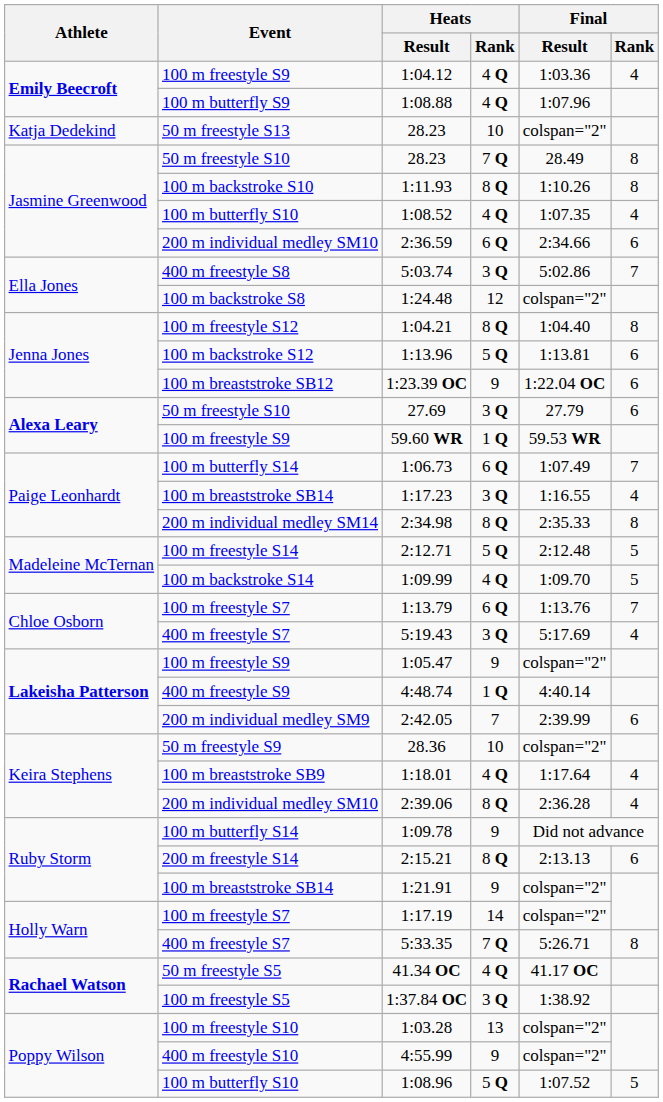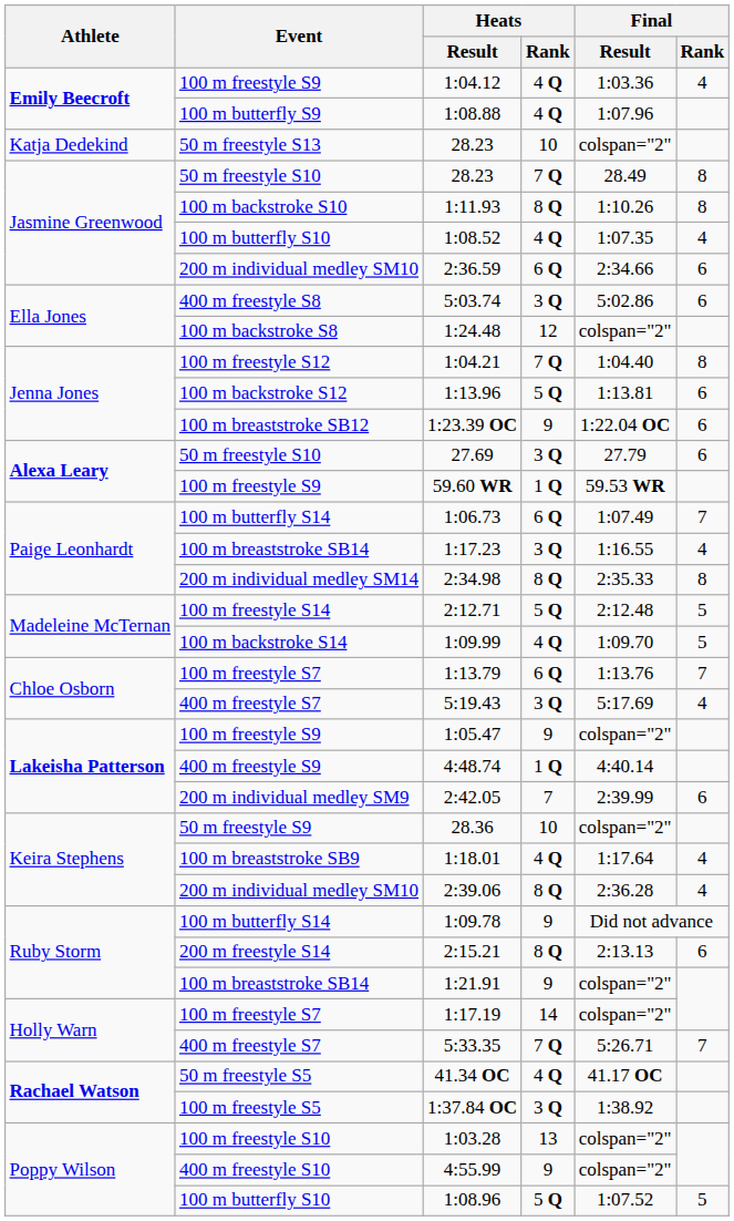 <table class=wikitable style="font-size:90%">
 <tr>
 <th rowspan="2">Athlete</th>
 <th rowspan="2">Event</th>
 <th colspan="2">Heats</th>
 <th colspan="2">Final</th>
 </tr>
 <tr>
 <th>Result</th>
 <th>Rank</th>
 <th>Result</th>
 <th>Rank</th>
 </tr>
 <tr align=center>
 <td align=left rowspan=2><strong><a href='#'>Emily Beecroft</a></strong></td>
 <td align=left><a href='#'>100 m freestyle S9</a></td>
 <td>1:04.12</td>
 <td>4 <strong>Q</strong></td>
 <td>1:03.36</td>
 <td>4</td>
 </tr>
 <tr align=center>
 <td align=left><a href='#'>100 m butterfly S9</a></td>
 <td>1:08.88</td>
 <td>4 <strong>Q</strong></td>
 <td>1:07.96</td>
 <td></td>
 </tr>
 <tr align=center>
 <td align=left><a href='#'>Katja Dedekind</a></td>
 <td align=left><a href='#'>50 m freestyle S13</a></td>
 <td>28.23</td>
 <td>10</td>
 <td>colspan="2" </td>
 </tr>
 <tr align=center>
 <td align=left rowspan=4><a href='#'>Jasmine Greenwood</a></td>
 <td align=left><a href='#'>50 m freestyle S10</a></td>
 <td>28.23</td>
 <td>7 <strong>Q</strong></td>
 <td>28.49</td>
 <td>8</td>
 </tr>
 <tr align=center>
 <td align=left><a href='#'>100 m backstroke S10</a></td>
 <td>1:11.93</td>
 <td>8 <strong>Q</strong></td>
 <td>1:10.26</td>
 <td>8</td>
 </tr>
 <tr align=center>
 <td align=left><a href='#'>100 m butterfly S10</a></td>
 <td>1:08.52</td>
 <td>4 <strong>Q</strong></td>
 <td>1:07.35</td>
 <td>4</td>
 </tr>
 <tr align=center>
 <td align=left><a href='#'>200 m individual medley SM10</a></td>
 <td>2:36.59</td>
 <td>6 <strong>Q</strong></td>
 <td>2:34.66</td>
 <td>6</td>
 </tr>
 <tr align=center>
 <td align=left rowspan=2><a href='#'>Ella Jones</a></td>
 <td align=left><a href='#'>400 m freestyle S8</a></td>
 <td>5:03.74</td>
 <td>3 <strong>Q</strong></td>
 <td>5:02.86</td>
-<td>7</td>
+<td>6</td>
 </tr>
 <tr align=center>
 <td align=left><a href='#'>100 m backstroke S8</a></td>
 <td>1:24.48</td>
 <td>12</td>
 <td>colspan="2" </td>
 </tr>
 <tr align=center>
 <td align=left rowspan=3><a href='#'>Jenna Jones</a></td>
 <td align=left><a href='#'>100 m freestyle S12</a></td>
 <td>1:04.21</td>
-<td>8 <strong>Q</strong></td>
+<td>7 <strong>Q</strong></td>
 <td>1:04.40</td>
 <td>8</td>
 </tr>
 <tr align=center>
 <td align=left><a href='#'>100 m backstroke S12</a></td>
 <td>1:13.96</td>
 <td>5 <strong>Q</strong></td>
 <td>1:13.81</td>
 <td>6</td>
 </tr>
 <tr align=center>
 <td align=left><a href='#'>100 m breaststroke SB12</a></td>
 <td>1:23.39 <strong>OC</strong></td>
 <td>9</td>
 <td>1:22.04 <strong>OC</strong></td>
 <td>6</td>
 </tr>
 <tr align=center>
 <td align=left rowspan=2><strong><a href='#'>Alexa Leary</a></strong></td>
 <td align=left><a href='#'>50 m freestyle S10</a></td>
 <td>27.69</td>
 <td>3 <strong>Q</strong></td>
 <td>27.79</td>
 <td>6</td>
 </tr>
 <tr align=center>
 <td align=left><a href='#'>100 m freestyle S9</a></td>
 <td>59.60 <strong>WR</strong></td>
 <td>1 <strong>Q</strong></td>
 <td>59.53 <strong>WR</strong></td>
 <td></td>
 </tr>
 <tr align=center>
 <td align=left rowspan=3><a href='#'>Paige Leonhardt</a></td>
 <td align=left><a href='#'>100 m butterfly S14</a></td>
 <td>1:06.73</td>
 <td>6 <strong>Q</strong></td>
 <td>1:07.49</td>
 <td>7</td>
 </tr>
 <tr align=center>
 <td align=left><a href='#'>100 m breaststroke SB14</a></td>
 <td>1:17.23</td>
 <td>3 <strong>Q</strong></td>
 <td>1:16.55</td>
 <td>4</td>
 </tr>
 <tr align=center>
 <td align=left><a href='#'>200 m individual medley SM14</a></td>
 <td>2:34.98</td>
 <td>8 <strong>Q</strong></td>
 <td>2:35.33</td>
 <td>8</td>
 </tr>
 <tr align=center>
 <td align=left rowspan=2><a href='#'>Madeleine McTernan</a></td>
 <td align=left><a href='#'>100 m freestyle S14</a></td>
 <td>2:12.71</td>
 <td>5 <strong>Q</strong></td>
 <td>2:12.48</td>
 <td>5</td>
 </tr>
 <tr align=center>
 <td align=left><a href='#'>100 m backstroke S14</a></td>
 <td>1:09.99</td>
 <td>4 <strong>Q</strong></td>
 <td>1:09.70</td>
 <td>5</td>
 </tr>
 <tr align=center>
 <td align=left rowspan=2><a href='#'>Chloe Osborn</a></td>
 <td align=left><a href='#'>100 m freestyle S7</a></td>
 <td>1:13.79</td>
 <td>6 <strong>Q</strong></td>
 <td>1:13.76</td>
 <td>7</td>
 </tr>
 <tr align=center>
 <td align=left><a href='#'>400 m freestyle S7</a></td>
 <td>5:19.43</td>
 <td>3  <strong>Q</strong></td>
 <td>5:17.69</td>
 <td>4</td>
 </tr>
 <tr align=center>
 <td align=left rowspan=3><strong><a href='#'>Lakeisha Patterson</a></strong></td>
 <td align=left><a href='#'>100 m freestyle S9</a></td>
 <td>1:05.47</td>
 <td>9</td>
 <td>colspan="2" </td>
 </tr>
 <tr align=center>
 <td align=left><a href='#'>400 m freestyle S9</a></td>
 <td>4:48.74</td>
 <td>1 <strong>Q</strong></td>
 <td>4:40.14</td>
 <td></td>
 </tr>
 <tr align=center>
 <td align=left><a href='#'>200 m individual medley SM9</a></td>
 <td>2:42.05</td>
 <td>7</td>
 <td>2:39.99</td>
 <td>6</td>
 </tr>
 <tr align=center>
 <td align=left rowspan="3"><a href='#'>Keira Stephens</a></td>
 <td align=left><a href='#'>50 m freestyle S9</a></td>
 <td>28.36</td>
 <td>10</td>
 <td>colspan="2" </td>
 </tr>
 <tr align="center">
 <td align="left"><a href='#'>100 m breaststroke SB9</a></td>
 <td>1:18.01</td>
 <td>4 <strong>Q</strong></td>
 <td>1:17.64</td>
 <td>4</td>
 </tr>
 <tr align=center>
 <td align=left><a href='#'>200 m individual medley SM10</a></td>
 <td>2:39.06</td>
 <td>8 <strong>Q</strong></td>
 <td>2:36.28</td>
 <td>4</td>
 </tr>
 <tr align=center>
 <td align=left rowspan="3"><a href='#'>Ruby Storm</a></td>
 <td align=left><a href='#'>100 m butterfly S14</a></td>
 <td>1:09.78</td>
 <td>9</td>
 <td colspan="2">Did not advance</td>
 </tr>
 <tr align="center">
 <td align="left"><a href='#'>200 m freestyle S14</a></td>
 <td>2:15.21</td>
 <td>8 <strong>Q</strong></td>
 <td>2:13.13</td>
 <td>6</td>
 </tr>
 <tr align=center>
 <td align=left><a href='#'>100 m breaststroke SB14</a></td>
 <td>1:21.91</td>
 <td>9</td>
 <td>colspan="2" </td>
 </tr>
 <tr align=center>
 <td align=left rowspan=2><a href='#'>Holly Warn</a></td>
 <td align=left><a href='#'>100 m freestyle S7</a></td>
 <td>1:17.19</td>
 <td>14</td>
 <td>colspan="2" </td>
 </tr>
 <tr align=center>
 <td align=left><a href='#'>400 m freestyle S7</a></td>
 <td>5:33.35</td>
 <td>7 <strong>Q</strong></td>
 <td>5:26.71</td>
-<td>8</td>
+<td>7</td>
 </tr>
 <tr align=center>
 <td rowspan=2 align=left><strong><a href='#'>Rachael Watson</a></strong></td>
 <td align=left><a href='#'>50 m freestyle S5</a></td>
 <td>41.34 <strong>OC</strong></td>
 <td>4 <strong>Q</strong></td>
 <td>41.17 <strong>OC</strong></td>
 <td></td>
 </tr>
 <tr align=center>
 <td align=left><a href='#'>100 m freestyle S5</a></td>
 <td>1:37.84 <strong>OC</strong></td>
 <td>3 <strong>Q</strong></td>
 <td>1:38.92</td>
 <td></td>
 </tr>
 <tr align=center>
 <td rowspan=3 align=left><a href='#'>Poppy Wilson</a></td>
 <td align=left><a href='#'>100 m freestyle S10</a></td>
 <td>1:03.28</td>
 <td>13</td>
 <td>colspan="2" </td>
 </tr>
 <tr align=center>
 <td align=left><a href='#'>400 m freestyle S10</a></td>
 <td>4:55.99</td>
 <td>9</td>
 <td>colspan="2" </td>
 </tr>
 <tr align=center>
 <td align=left><a href='#'>100 m butterfly S10</a></td>
 <td>1:08.96</td>
 <td>5 <strong>Q</strong></td>
 <td>1:07.52</td>
 <td>5</td>
 </tr>
 </table>
